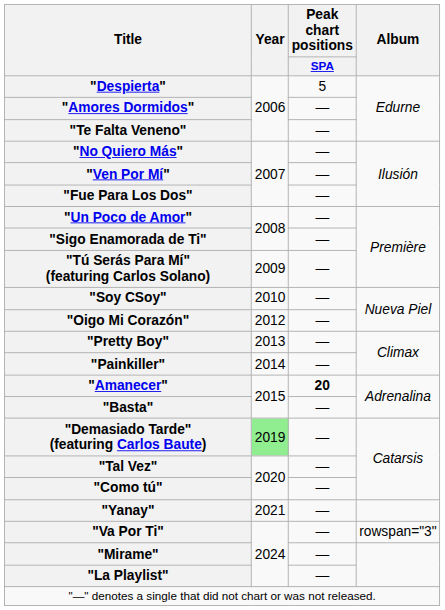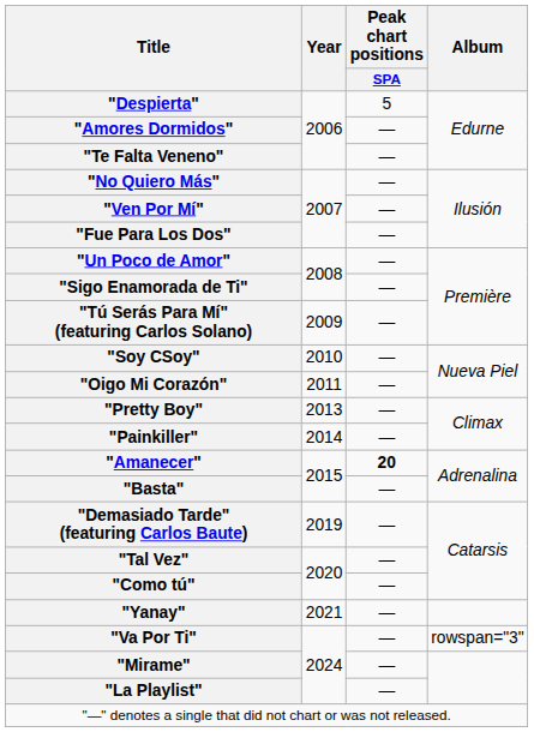 <table class="wikitable plainrowheaders" style="text-align:center">
 <tr>
 <th scope="col" rowspan="2" style="width:17.5em">Title</th>
 <th scope="col" rowspan="2" style="width:1em">Year</th>
 <th scope="col">Peak chart positions</th>
 <th scope="col" rowspan="2">Album</th>
 </tr>
 <tr>
 <th scope="col" style="width:3em;font-size:85%"><a href='#'>SPA</a><br></th>
 </tr>
 <tr>
 <th scope="row">"<a href='#'>Despierta</a>"</th>
 <td rowspan="3">2006</td>
 <td>5</td>
 <td rowspan="3"><em>Edurne</em></td>
 </tr>
 <tr>
 <th scope="row">"<a href='#'>Amores Dormidos</a>"</th>
 <td>—</td>
 </tr>
 <tr>
 <th scope="row">"Te Falta Veneno"</th>
 <td>—</td>
 </tr>
 <tr>
 <th scope="row">"<a href='#'>No Quiero Más</a>"</th>
 <td rowspan="3">2007</td>
 <td>—</td>
 <td rowspan="3"><em>Ilusión</em></td>
 </tr>
 <tr>
 <th scope="row">"<a href='#'>Ven Por Mí</a>"</th>
 <td>—</td>
 </tr>
 <tr>
 <th scope="row">"Fue Para Los Dos"</th>
 <td>—</td>
 </tr>
 <tr>
 <th scope="row">"<a href='#'>Un Poco de Amor</a>"</th>
 <td rowspan="2">2008</td>
 <td>—</td>
 <td rowspan="3"><em>Première</em></td>
 </tr>
 <tr>
 <th scope="row">"Sigo Enamorada de Ti"</th>
 <td>—</td>
 </tr>
 <tr>
 <th scope="row">"Tú Serás Para Mí"<br><span>(featuring Carlos Solano)</span></th>
 <td>2009</td>
 <td>—</td>
 </tr>
 <tr>
 <th scope="row">"Soy CSoy"</th>
 <td>2010</td>
 <td>—</td>
 <td rowspan="2"><em>Nueva Piel</em></td>
 </tr>
 <tr>
 <th scope="row">"Oigo Mi Corazón"</th>
-<td>2012</td>
+<td>2011</td>
 <td>—</td>
 </tr>
 <tr>
 <th scope="row">"Pretty Boy"</th>
 <td>2013</td>
 <td>—</td>
 <td rowspan="2"><em>Climax</em></td>
 </tr>
 <tr>
 <th scope="row">"Painkiller"</th>
 <td>2014</td>
 <td>—</td>
 </tr>
 <tr>
 <th scope="row">"<a href='#'>Amanecer</a>"</th>
 <td rowspan="2">2015</td>
 <td><strong>20</strong></td>
 <td rowspan="2"><em>Adrenalina</em></td>
 </tr>
 <tr>
 <th scope="row">"Basta"</th>
 <td>—</td>
 </tr>
 <tr>
 <th scope="row">"Demasiado Tarde"<br><span>(featuring <a href='#'>Carlos Baute</a>)</span></th>
-<td style="background: lightgreen;">2019</td>
+<td>2019</td>
 <td>—</td>
 <td rowspan="3"><em>Catarsis</em></td>
 </tr>
 <tr>
 <th scope="row">"Tal Vez"</th>
 <td rowspan="2">2020</td>
 <td>—</td>
 </tr>
 <tr>
 <th scope="row">"Como tú"</th>
 <td>—</td>
 </tr>
 <tr>
 <th scope="row">"Yanay"</th>
 <td>2021</td>
 <td>—</td>
 <td></td>
 </tr>
 <tr>
 <th scope="row">"Va Por Ti"</th>
 <td rowspan="3">2024</td>
 <td>—</td>
 <td>rowspan="3" </td>
 </tr>
 <tr>
 <th scope="row">"Mirame"</th>
 <td>—</td>
 </tr>
 <tr>
 <th scope="row">"La Playlist"</th>
 <td>—</td>
 </tr>
 <tr>
 <td colspan="23" style="font-size:85%">"—" denotes a single that did not chart or was not released.</td>
 </tr>
 </table>
